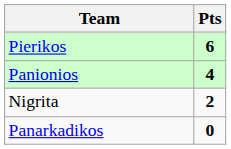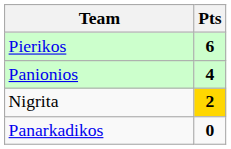 <table class="wikitable" style="text-align: center;">
 <tr>
 <th width=165>Team</th>
 <th width=20>Pts</th>
 </tr>
 <tr bgcolor="#ccffcc">
 <td align=left><a href='#'>Pierikos</a></td>
 <td><strong>6</strong></td>
 </tr>
 <tr bgcolor="#ccffcc">
 <td align=left><a href='#'>Panionios</a></td>
 <td><strong>4</strong></td>
 </tr>
 <tr>
 <td align=left>Nigrita</td>
-<td><strong>2</strong></td>
+<td style="background: gold;"><strong>2</strong></td>
 </tr>
 <tr>
 <td align=left><a href='#'>Panarkadikos</a></td>
 <td><strong>0</strong></td>
 </tr>
 </table>
